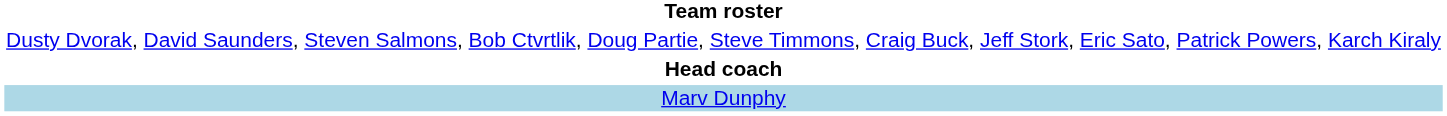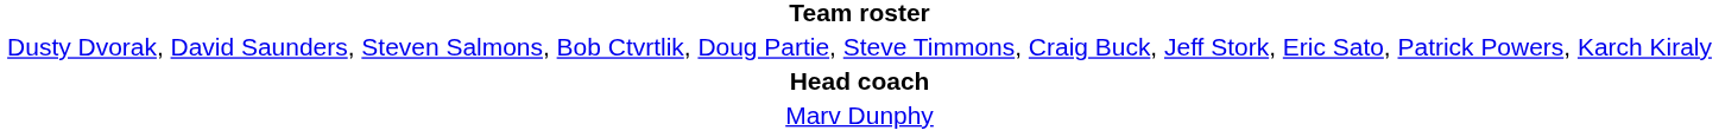 <table style="text-align: center; margin-top: 2em; margin-left: auto; margin-right: auto">
 <tr>
 <td><strong>Team roster</strong></td>
 </tr>
 <tr>
 <td><a href='#'>Dusty Dvorak</a>, <a href='#'>David Saunders</a>, <a href='#'>Steven Salmons</a>, <a href='#'>Bob Ctvrtlik</a>, <a href='#'>Doug Partie</a>, <a href='#'>Steve Timmons</a>, <a href='#'>Craig Buck</a>, <a href='#'>Jeff Stork</a>, <a href='#'>Eric Sato</a>, <a href='#'>Patrick Powers</a>, <a href='#'>Karch Kiraly</a></td>
 </tr>
 <tr>
 <td><strong>Head coach</strong></td>
 </tr>
 <tr>
-<td style="background: lightblue;"><a href='#'>Marv Dunphy</a></td>
+<td><a href='#'>Marv Dunphy</a></td>
 </tr>
 <tr>
 </tr>
 </table>
